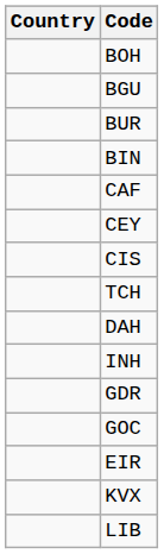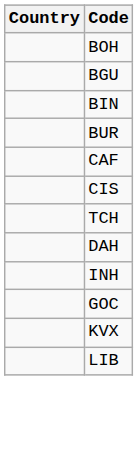 <table class="wikitable" style="font-size:90%; display:inline-table;">
 <tr>
 <th>Country</th>
 <th>Code</th>
 </tr>
 <tr>
 <td></td>
 <td>BOH</td>
 </tr>
 <tr>
 <td></td>
 <td>BGU</td>
 </tr>
 <tr>
 <td></td>
+<td>BIN</td>
+</tr>
+<tr>
+<td></td>
 <td>BUR</td>
 </tr>
 <tr>
 <td></td>
-<td>BIN</td>
-</tr>
-<tr>
-<td></td>
 <td>CAF</td>
-</tr>
-<tr>
-<td></td>
-<td>CEY</td>
 </tr>
 <tr>
 <td></td>
 <td>CIS</td>
 </tr>
 <tr>
 <td></td>
 <td>TCH</td>
 </tr>
 <tr>
 <td></td>
 <td>DAH</td>
 </tr>
 <tr>
 <td></td>
 <td>INH</td>
 </tr>
 <tr>
 <td></td>
-<td>GDR</td>
-</tr>
-<tr>
-<td></td>
 <td>GOC</td>
-</tr>
-<tr>
-<td></td>
-<td>EIR</td>
 </tr>
 <tr>
 <td></td>
 <td>KVX</td>
 </tr>
 <tr>
 <td></td>
 <td>LIB</td>
 </tr>
 </table>
